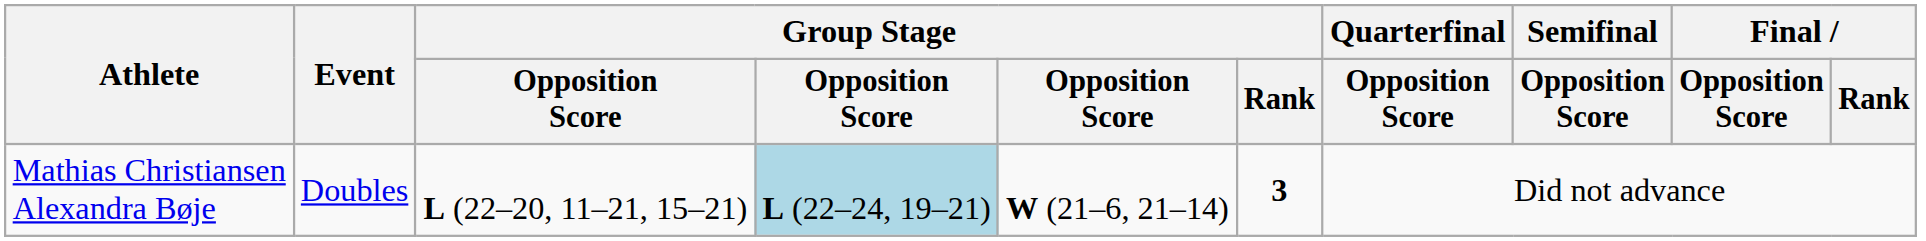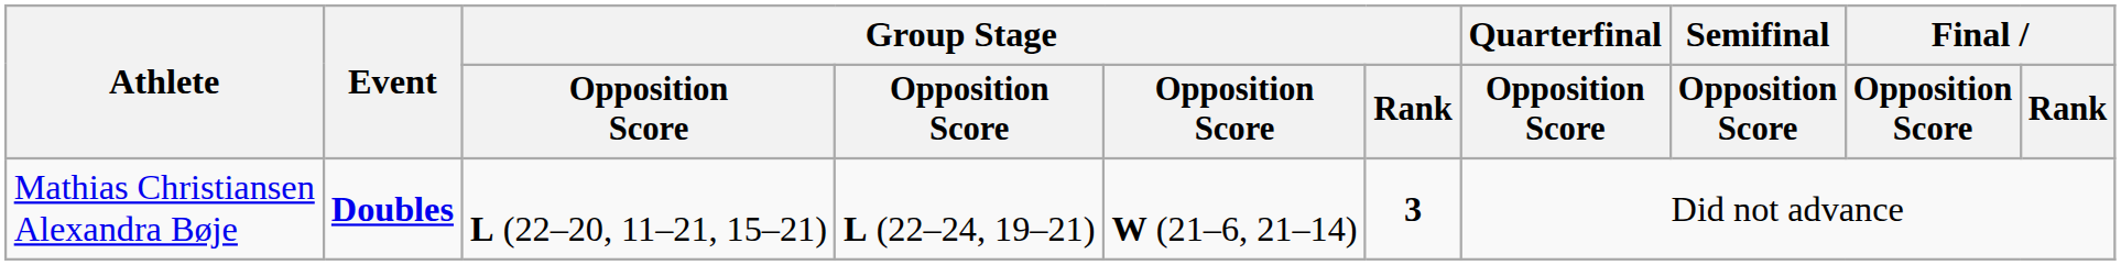 <table class="wikitable" style="font-size:90%">
 <tr>
 <th rowspan=2>Athlete</th>
 <th rowspan=2>Event</th>
 <th colspan=4>Group Stage</th>
 <th>Quarterfinal</th>
 <th>Semifinal</th>
 <th colspan=2>Final / </th>
 </tr>
 <tr style="font-size:95%">
 <th>Opposition<br>Score</th>
 <th>Opposition<br>Score</th>
 <th>Opposition<br>Score</th>
 <th>Rank</th>
 <th>Opposition<br>Score</th>
 <th>Opposition<br>Score</th>
 <th>Opposition<br>Score</th>
 <th>Rank</th>
 </tr>
 <tr align=center>
 <td align=left><a href='#'>Mathias Christiansen</a><br><a href='#'>Alexandra Bøje</a></td>
-<td align=left><a href='#'>Doubles</a></td>
+<td align=left><strong><a href='#'>Doubles</a></strong></td>
 <td><br><strong>L</strong> (22–20, 11–21, 15–21)</td>
-<td style="background: lightblue;"><br><strong>L</strong> (22–24, 19–21)</td>
+<td><br><strong>L</strong> (22–24, 19–21)</td>
 <td><br><strong>W</strong> (21–6, 21–14)</td>
 <td><strong>3</strong></td>
 <td colspan=4>Did not advance</td>
 </tr>
 </table>
